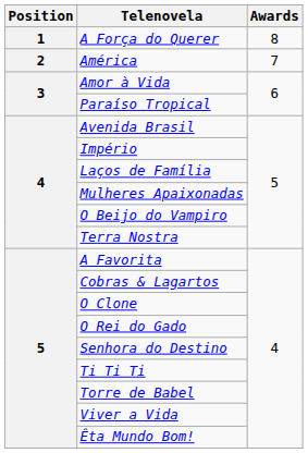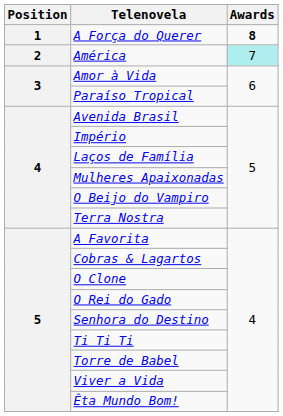 <table class="wikitable">
 <tr>
 <th>Position</th>
 <th>Telenovela</th>
 <th>Awards</th>
 </tr>
 <tr>
 <th>1</th>
 <td><em><a href='#'>A Força do Querer</a></em></td>
-<td style="text-align:center;">8</td>
+<td style="text-align:center;"><strong>8</strong></td>
 </tr>
 <tr>
 <th>2</th>
 <td><em><a href='#'>América</a></em></td>
-<td style="text-align:center;">7</td>
+<td style="background: paleturquoise; text-align:center;">7</td>
 </tr>
 <tr>
 <th rowspan="2">3</th>
 <td><em><a href='#'>Amor à Vida</a></em></td>
 <td rowspan="2" style="text-align:center;">6</td>
 </tr>
 <tr>
 <td><em><a href='#'>Paraíso Tropical</a></em></td>
 </tr>
 <tr>
 <th rowspan="6">4</th>
 <td><em><a href='#'>Avenida Brasil</a></em></td>
 <td rowspan="6" style="text-align:center;">5</td>
 </tr>
 <tr>
 <td><em><a href='#'>Império</a></em></td>
 </tr>
 <tr>
 <td><em><a href='#'>Laços de Família</a></em></td>
 </tr>
 <tr>
 <td><em><a href='#'>Mulheres Apaixonadas</a></em></td>
 </tr>
 <tr>
 <td><em><a href='#'>O Beijo do Vampiro</a></em></td>
 </tr>
 <tr>
 <td><em><a href='#'>Terra Nostra</a></em></td>
 </tr>
 <tr>
 <th rowspan="10">5</th>
 <td><em><a href='#'>A Favorita</a></em></td>
 <td rowspan="9" style="text-align:center;">4</td>
 </tr>
 <tr>
 <td><em><a href='#'>Cobras & Lagartos</a></em></td>
 </tr>
 <tr>
 <td><em><a href='#'>O Clone</a></em></td>
 </tr>
 <tr>
 <td><em><a href='#'>O Rei do Gado</a></em></td>
 </tr>
 <tr>
 <td><em><a href='#'>Senhora do Destino</a></em></td>
 </tr>
 <tr>
 <td><em><a href='#'>Ti Ti Ti</a></em></td>
 </tr>
 <tr>
 <td><em><a href='#'>Torre de Babel</a></em></td>
 </tr>
 <tr>
 <td><em><a href='#'>Viver a Vida</a></em></td>
 </tr>
 <tr>
 <td><em><a href='#'>Êta Mundo Bom!</a></em></td>
 </tr>
 </table>
